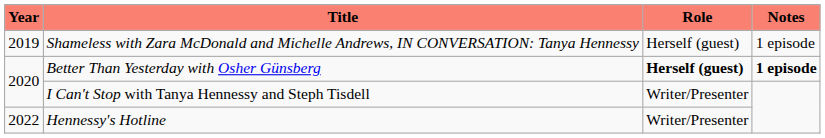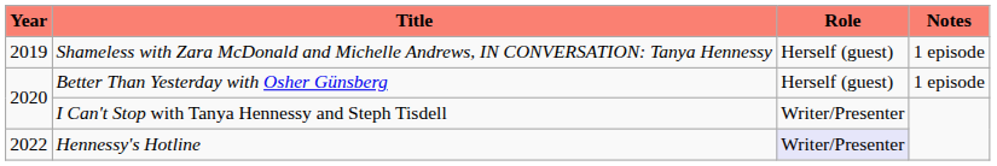 <table class="wikitable" style="font-size: 90%;">
 <tr>
 <th style="background: #FA8072;">Year</th>
 <th style="background: #FA8072;">Title</th>
 <th style="background: #FA8072;">Role</th>
 <th style="background: #FA8072;">Notes</th>
 </tr>
 <tr>
 <td>2019</td>
 <td><em>Shameless with Zara McDonald and Michelle Andrews, IN CONVERSATION: Tanya Hennessy</em></td>
 <td>Herself (guest)</td>
 <td>1 episode</td>
 </tr>
 <tr>
 <td rowspan="2">2020</td>
 <td><em>Better Than Yesterday with <a href='#'>Osher Günsberg</a></em></td>
-<td><strong>Herself (guest)</strong></td>
-<td><strong>1 episode</strong></td>
+<td>Herself (guest)</td>
+<td>1 episode</td>
 </tr>
 <tr>
 <td><em>I Can't Stop</em> with Tanya Hennessy and Steph Tisdell</td>
 <td>Writer/Presenter</td>
 </tr>
 <tr>
 <td rowspan="3">2022</td>
 <td><em>Hennessy's Hotline</em></td>
-<td>Writer/Presenter</td>
+<td style="background: lavender;">Writer/Presenter</td>
 </tr>
 </table>
